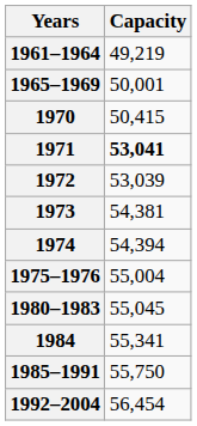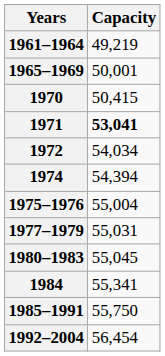 <table class="wikitable">
 <tr>
 <th scope="row">Years</th>
 <th scope="row">Capacity</th>
 </tr>
 <tr>
 <th scope="row">1961–1964</th>
 <td>49,219</td>
 </tr>
 <tr>
 <th scope="row">1965–1969</th>
 <td>50,001</td>
 </tr>
 <tr>
 <th scope="row">1970</th>
 <td>50,415</td>
 </tr>
 <tr>
 <th scope="row">1971</th>
 <td><strong>53,041</strong></td>
 </tr>
 <tr>
 <th scope="row">1972</th>
-<td>53,039</td>
-</tr>
-<tr>
-<th scope="row">1973</th>
-<td>54,381</td>
+<td>54,034</td>
 </tr>
 <tr>
 <th scope="row">1974</th>
 <td>54,394</td>
 </tr>
 <tr>
 <th scope="row">1975–1976</th>
 <td>55,004</td>
+</tr>
+<tr>
+<th scope="row">1977–1979</th>
+<td>55,031</td>
 </tr>
 <tr>
 <th scope="row">1980–1983</th>
 <td>55,045</td>
 </tr>
 <tr>
 <th scope="row">1984</th>
 <td>55,341</td>
 </tr>
 <tr>
 <th scope="row">1985–1991</th>
 <td>55,750</td>
 </tr>
 <tr>
 <th scope="row">1992–2004</th>
 <td>56,454</td>
 </tr>
 </table>
